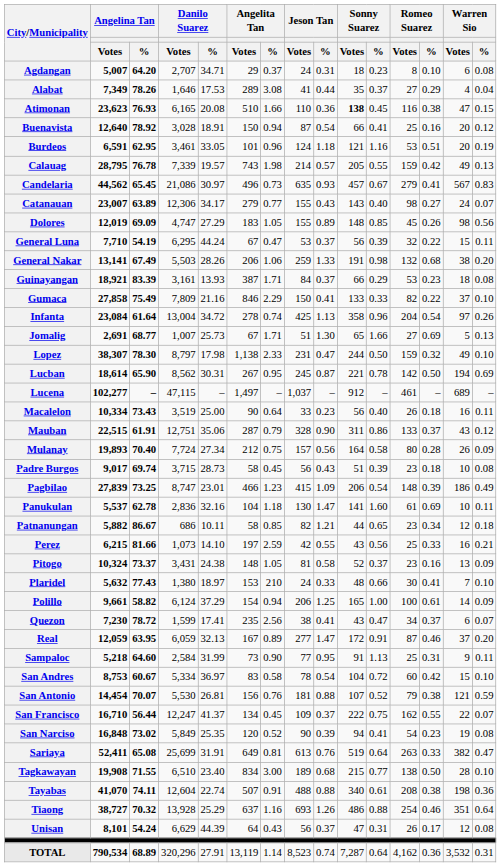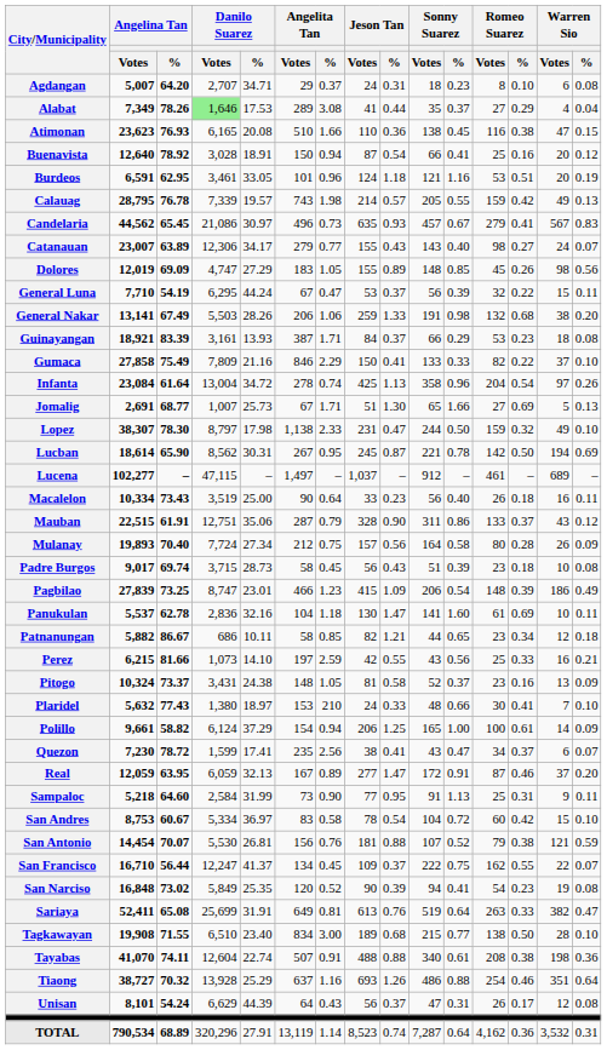 <table class="wikitable collapsible collapsed" style="text-align:right; font-size:95%; line-height:20px;">
 <tr>
 <th rowspan="3" width="200"><a href='#'>City</a>/<a href='#'>Municipality</a></th>
 <th colspan="2" width="110"><a href='#'>Angelina Tan</a></th>
 <th colspan="2" width="110"><a href='#'>Danilo Suarez</a></th>
 <th colspan="2" width="110">Angelita Tan</th>
 <th colspan="2" width="110">Jeson Tan</th>
 <th colspan="2" width="110">Sonny Suarez</th>
 <th colspan="2" width="110">Romeo Suarez</th>
 <th colspan="2" width="110">Warren Sio</th>
 </tr>
 <tr>
 <th colspan="2" style="background:"></th>
 <th colspan="2" style="background:"></th>
 <th colspan="2" style="background:"></th>
 <th colspan="2" style="background:"></th>
 <th colspan="2" style="background:"></th>
 <th colspan="2" style="background:"></th>
 <th colspan="2" style="background:"></th>
 </tr>
 <tr>
 <th>Votes</th>
 <th>%</th>
 <th>Votes</th>
 <th>%</th>
 <th>Votes</th>
 <th>%</th>
 <th>Votes</th>
 <th>%</th>
 <th>Votes</th>
 <th>%</th>
 <th>Votes</th>
 <th>%</th>
 <th>Votes</th>
 <th>%</th>
 </tr>
 <tr>
 <th scope="row"><a href='#'>Agdangan</a></th>
 <td style="background:"><strong>5,007</strong></td>
 <td style="background:"><strong>64.20</strong></td>
 <td>2,707</td>
 <td>34.71</td>
 <td>29</td>
 <td>0.37</td>
 <td>24</td>
 <td>0.31</td>
 <td>18</td>
 <td>0.23</td>
 <td>8</td>
 <td>0.10</td>
 <td>6</td>
 <td>0.08</td>
 </tr>
 <tr>
 <th scope="row"><a href='#'>Alabat</a></th>
 <td style="background:"><strong>7,349</strong></td>
 <td style="background:"><strong>78.26</strong></td>
-<td>1,646</td>
+<td style="background: lightgreen;">1,646</td>
 <td>17.53</td>
 <td>289</td>
 <td>3.08</td>
 <td>41</td>
 <td>0.44</td>
 <td>35</td>
 <td>0.37</td>
 <td>27</td>
 <td>0.29</td>
 <td>4</td>
 <td>0.04</td>
 </tr>
 <tr>
 <th scope="row"><a href='#'>Atimonan</a></th>
 <td style="background:"><strong>23,623</strong></td>
 <td style="background:"><strong>76.93</strong></td>
 <td>6,165</td>
 <td>20.08</td>
 <td>510</td>
 <td>1.66</td>
 <td>110</td>
 <td>0.36</td>
-<td><strong>138</strong></td>
+<td>138</td>
 <td>0.45</td>
 <td>116</td>
 <td>0.38</td>
 <td>47</td>
 <td>0.15</td>
 </tr>
 <tr>
 <th scope="row"><a href='#'>Buenavista</a></th>
 <td style="background:"><strong>12,640</strong></td>
 <td style="background:"><strong>78.92</strong></td>
 <td>3,028</td>
 <td>18.91</td>
 <td>150</td>
 <td>0.94</td>
 <td>87</td>
 <td>0.54</td>
 <td>66</td>
 <td>0.41</td>
 <td>25</td>
 <td>0.16</td>
 <td>20</td>
 <td>0.12</td>
 </tr>
 <tr>
 <th scope="row"><a href='#'>Burdeos</a></th>
 <td style="background:"><strong>6,591</strong></td>
 <td style="background:"><strong>62.95</strong></td>
 <td>3,461</td>
 <td>33.05</td>
 <td>101</td>
 <td>0.96</td>
 <td>124</td>
 <td>1.18</td>
 <td>121</td>
 <td>1.16</td>
 <td>53</td>
 <td>0.51</td>
 <td>20</td>
 <td>0.19</td>
 </tr>
 <tr>
 <th scope="row"><a href='#'>Calauag</a></th>
 <td style="background:"><strong>28,795</strong></td>
 <td style="background:"><strong>76.78</strong></td>
 <td>7,339</td>
 <td>19.57</td>
 <td>743</td>
 <td>1.98</td>
 <td>214</td>
 <td>0.57</td>
 <td>205</td>
 <td>0.55</td>
 <td>159</td>
 <td>0.42</td>
 <td>49</td>
 <td>0.13</td>
 </tr>
 <tr>
 <th scope="row"><a href='#'>Candelaria</a></th>
 <td style="background:"><strong>44,562</strong></td>
 <td style="background:"><strong>65.45</strong></td>
 <td>21,086</td>
 <td>30.97</td>
 <td>496</td>
 <td>0.73</td>
 <td>635</td>
 <td>0.93</td>
 <td>457</td>
 <td>0.67</td>
 <td>279</td>
 <td>0.41</td>
 <td>567</td>
 <td>0.83</td>
 </tr>
 <tr>
 <th scope="row"><a href='#'>Catanauan</a></th>
 <td style="background:"><strong>23,007</strong></td>
 <td style="background:"><strong>63.89</strong></td>
 <td>12,306</td>
 <td>34.17</td>
 <td>279</td>
 <td>0.77</td>
 <td>155</td>
 <td>0.43</td>
 <td>143</td>
 <td>0.40</td>
 <td>98</td>
 <td>0.27</td>
 <td>24</td>
 <td>0.07</td>
 </tr>
 <tr>
 <th scope="row"><a href='#'>Dolores</a></th>
 <td style="background:"><strong>12,019</strong></td>
 <td style="background:"><strong>69.09</strong></td>
 <td>4,747</td>
 <td>27.29</td>
 <td>183</td>
 <td>1.05</td>
 <td>155</td>
 <td>0.89</td>
 <td>148</td>
 <td>0.85</td>
 <td>45</td>
 <td>0.26</td>
 <td>98</td>
 <td>0.56</td>
 </tr>
 <tr>
 <th scope="row"><a href='#'>General Luna</a></th>
 <td style="background:"><strong>7,710</strong></td>
 <td style="background:"><strong>54.19</strong></td>
 <td>6,295</td>
 <td>44.24</td>
 <td>67</td>
 <td>0.47</td>
 <td>53</td>
 <td>0.37</td>
 <td>56</td>
 <td>0.39</td>
 <td>32</td>
 <td>0.22</td>
 <td>15</td>
 <td>0.11</td>
 </tr>
 <tr>
 <th scope="row"><a href='#'>General Nakar</a></th>
 <td style="background:"><strong>13,141</strong></td>
 <td style="background:"><strong>67.49</strong></td>
 <td>5,503</td>
 <td>28.26</td>
 <td>206</td>
 <td>1.06</td>
 <td>259</td>
 <td>1.33</td>
 <td>191</td>
 <td>0.98</td>
 <td>132</td>
 <td>0.68</td>
 <td>38</td>
 <td>0.20</td>
 </tr>
 <tr>
 <th scope="row"><a href='#'>Guinayangan</a></th>
 <td style="background:"><strong>18,921</strong></td>
 <td style="background:"><strong>83.39</strong></td>
 <td>3,161</td>
 <td>13.93</td>
 <td>387</td>
 <td>1.71</td>
 <td>84</td>
 <td>0.37</td>
 <td>66</td>
 <td>0.29</td>
 <td>53</td>
 <td>0.23</td>
 <td>18</td>
 <td>0.08</td>
 </tr>
 <tr>
 <th scope="row"><a href='#'>Gumaca</a></th>
 <td style="background:"><strong>27,858</strong></td>
 <td style="background:"><strong>75.49</strong></td>
 <td>7,809</td>
 <td>21.16</td>
 <td>846</td>
 <td>2.29</td>
 <td>150</td>
 <td>0.41</td>
 <td>133</td>
 <td>0.33</td>
 <td>82</td>
 <td>0.22</td>
 <td>37</td>
 <td>0.10</td>
 </tr>
 <tr>
 <th scope="row"><a href='#'>Infanta</a></th>
 <td style="background:"><strong>23,084</strong></td>
 <td style="background:"><strong>61.64</strong></td>
 <td>13,004</td>
 <td>34.72</td>
 <td>278</td>
 <td>0.74</td>
 <td>425</td>
 <td>1.13</td>
 <td>358</td>
 <td>0.96</td>
 <td>204</td>
 <td>0.54</td>
 <td>97</td>
 <td>0.26</td>
 </tr>
 <tr>
 <th scope="row"><a href='#'>Jomalig</a></th>
 <td style="background:"><strong>2,691</strong></td>
 <td style="background:"><strong>68.77</strong></td>
 <td>1,007</td>
 <td>25.73</td>
 <td>67</td>
 <td>1.71</td>
 <td>51</td>
 <td>1.30</td>
 <td>65</td>
 <td>1.66</td>
 <td>27</td>
 <td>0.69</td>
 <td>5</td>
 <td>0.13</td>
 </tr>
 <tr>
 <th scope="row"><a href='#'>Lopez</a></th>
 <td style="background:"><strong>38,307</strong></td>
 <td style="background:"><strong>78.30</strong></td>
 <td>8,797</td>
 <td>17.98</td>
 <td>1,138</td>
 <td>2.33</td>
 <td>231</td>
 <td>0.47</td>
 <td>244</td>
 <td>0.50</td>
 <td>159</td>
 <td>0.32</td>
 <td>49</td>
 <td>0.10</td>
 </tr>
 <tr>
 <th scope="row"><a href='#'>Lucban</a></th>
 <td style="background:"><strong>18,614</strong></td>
 <td style="background:"><strong>65.90</strong></td>
 <td>8,562</td>
 <td>30.31</td>
 <td>267</td>
 <td>0.95</td>
 <td>245</td>
 <td>0.87</td>
 <td>221</td>
 <td>0.78</td>
 <td>142</td>
 <td>0.50</td>
 <td>194</td>
 <td>0.69</td>
 </tr>
 <tr>
 <th scope="row"><a href='#'>Lucena</a></th>
 <td style="background:"><strong>102,277</strong></td>
 <td style="background:"><strong>–</strong></td>
 <td>47,115</td>
 <td>–</td>
 <td>1,497</td>
 <td>–</td>
 <td>1,037</td>
 <td>–</td>
 <td>912</td>
 <td>–</td>
 <td>461</td>
 <td>–</td>
 <td>689</td>
 <td>–</td>
 </tr>
 <tr>
 <th scope="row"><a href='#'>Macalelon</a></th>
 <td style="background:"><strong>10,334</strong></td>
 <td style="background:"><strong>73.43</strong></td>
 <td>3,519</td>
 <td>25.00</td>
 <td>90</td>
 <td>0.64</td>
 <td>33</td>
 <td>0.23</td>
 <td>56</td>
 <td>0.40</td>
 <td>26</td>
 <td>0.18</td>
 <td>16</td>
 <td>0.11</td>
 </tr>
 <tr>
 <th scope="row"><a href='#'>Mauban</a></th>
 <td style="background:"><strong>22,515</strong></td>
 <td style="background:"><strong>61.91</strong></td>
 <td>12,751</td>
 <td>35.06</td>
 <td>287</td>
 <td>0.79</td>
 <td>328</td>
 <td>0.90</td>
 <td>311</td>
 <td>0.86</td>
 <td>133</td>
 <td>0.37</td>
 <td>43</td>
 <td>0.12</td>
 </tr>
 <tr>
 <th scope="row"><a href='#'>Mulanay</a></th>
 <td style="background:"><strong>19,893</strong></td>
 <td style="background:"><strong>70.40</strong></td>
 <td>7,724</td>
 <td>27.34</td>
 <td>212</td>
 <td>0.75</td>
 <td>157</td>
 <td>0.56</td>
 <td>164</td>
 <td>0.58</td>
 <td>80</td>
 <td>0.28</td>
 <td>26</td>
 <td>0.09</td>
 </tr>
 <tr>
 <th scope="row"><a href='#'>Padre Burgos</a></th>
 <td style="background:"><strong>9,017</strong></td>
 <td style="background:"><strong>69.74</strong></td>
 <td>3,715</td>
 <td>28.73</td>
 <td>58</td>
 <td>0.45</td>
 <td>56</td>
 <td>0.43</td>
 <td>51</td>
 <td>0.39</td>
 <td>23</td>
 <td>0.18</td>
 <td>10</td>
 <td>0.08</td>
 </tr>
 <tr>
 <th scope="row"><a href='#'>Pagbilao</a></th>
 <td style="background:"><strong>27,839</strong></td>
 <td style="background:"><strong>73.25</strong></td>
 <td>8,747</td>
 <td>23.01</td>
 <td>466</td>
 <td>1.23</td>
 <td>415</td>
 <td>1.09</td>
 <td>206</td>
 <td>0.54</td>
 <td>148</td>
 <td>0.39</td>
 <td>186</td>
 <td>0.49</td>
 </tr>
 <tr>
 <th scope="row"><a href='#'>Panukulan</a></th>
 <td style="background:"><strong>5,537</strong></td>
 <td style="background:"><strong>62.78</strong></td>
 <td>2,836</td>
 <td>32.16</td>
 <td>104</td>
 <td>1.18</td>
 <td>130</td>
 <td>1.47</td>
 <td>141</td>
 <td>1.60</td>
 <td>61</td>
 <td>0.69</td>
 <td>10</td>
 <td>0.11</td>
 </tr>
 <tr>
 <th scope="row"><a href='#'>Patnanungan</a></th>
 <td style="background:"><strong>5,882</strong></td>
 <td style="background:"><strong>86.67</strong></td>
 <td>686</td>
 <td>10.11</td>
 <td>58</td>
 <td>0.85</td>
 <td>82</td>
 <td>1.21</td>
 <td>44</td>
 <td>0.65</td>
 <td>23</td>
 <td>0.34</td>
 <td>12</td>
 <td>0.18</td>
 </tr>
 <tr>
 <th scope="row"><a href='#'>Perez</a></th>
 <td style="background:"><strong>6,215</strong></td>
 <td style="background:"><strong>81.66</strong></td>
 <td>1,073</td>
 <td>14.10</td>
 <td>197</td>
 <td>2.59</td>
 <td>42</td>
 <td>0.55</td>
 <td>43</td>
 <td>0.56</td>
 <td>25</td>
 <td>0.33</td>
 <td>16</td>
 <td>0.21</td>
 </tr>
 <tr>
 <th scope="row"><a href='#'>Pitogo</a></th>
 <td style="background:"><strong>10,324</strong></td>
 <td style="background:"><strong>73.37</strong></td>
 <td>3,431</td>
 <td>24.38</td>
 <td>148</td>
 <td>1.05</td>
 <td>81</td>
 <td>0.58</td>
 <td>52</td>
 <td>0.37</td>
 <td>23</td>
 <td>0.16</td>
 <td>13</td>
 <td>0.09</td>
 </tr>
 <tr>
 <th scope="row"><a href='#'>Plaridel</a></th>
 <td style="background:"><strong>5,632</strong></td>
 <td style="background:"><strong>77.43</strong></td>
 <td>1,380</td>
 <td>18.97</td>
 <td>153</td>
 <td>210</td>
 <td>24</td>
 <td>0.33</td>
 <td>48</td>
 <td>0.66</td>
 <td>30</td>
 <td>0.41</td>
 <td>7</td>
 <td>0.10</td>
 </tr>
 <tr>
 <th scope="row"><a href='#'>Polillo</a></th>
 <td style="background:"><strong>9,661</strong></td>
 <td style="background:"><strong>58.82</strong></td>
 <td>6,124</td>
 <td>37.29</td>
 <td>154</td>
 <td>0.94</td>
 <td>206</td>
 <td>1.25</td>
 <td>165</td>
 <td>1.00</td>
 <td>100</td>
 <td>0.61</td>
 <td>14</td>
 <td>0.09</td>
 </tr>
 <tr>
 <th scope="row"><a href='#'>Quezon</a></th>
 <td style="background:"><strong>7,230</strong></td>
 <td style="background:"><strong>78.72</strong></td>
 <td>1,599</td>
 <td>17.41</td>
 <td>235</td>
 <td>2.56</td>
 <td>38</td>
 <td>0.41</td>
 <td>43</td>
 <td>0.47</td>
 <td>34</td>
 <td>0.37</td>
 <td>6</td>
 <td>0.07</td>
 </tr>
 <tr>
 <th scope="row"><a href='#'>Real</a></th>
 <td style="background:"><strong>12,059</strong></td>
 <td style="background:"><strong>63.95</strong></td>
 <td>6,059</td>
 <td>32.13</td>
 <td>167</td>
 <td>0.89</td>
 <td>277</td>
 <td>1.47</td>
 <td>172</td>
 <td>0.91</td>
 <td>87</td>
 <td>0.46</td>
 <td>37</td>
 <td>0.20</td>
 </tr>
 <tr>
 <th scope="row"><a href='#'>Sampaloc</a></th>
 <td style="background:"><strong>5,218</strong></td>
 <td style="background:"><strong>64.60</strong></td>
 <td>2,584</td>
 <td>31.99</td>
 <td>73</td>
 <td>0.90</td>
 <td>77</td>
 <td>0.95</td>
 <td>91</td>
 <td>1.13</td>
 <td>25</td>
 <td>0.31</td>
 <td>9</td>
 <td>0.11</td>
 </tr>
 <tr>
 <th scope="row"><a href='#'>San Andres</a></th>
 <td style="background:"><strong>8,753</strong></td>
 <td style="background:"><strong>60.67</strong></td>
 <td>5,334</td>
 <td>36.97</td>
 <td>83</td>
 <td>0.58</td>
 <td>78</td>
 <td>0.54</td>
 <td>104</td>
 <td>0.72</td>
 <td>60</td>
 <td>0.42</td>
 <td>15</td>
 <td>0.10</td>
 </tr>
 <tr>
 <th scope="row"><a href='#'>San Antonio</a></th>
 <td style="background:"><strong>14,454</strong></td>
 <td style="background:"><strong>70.07</strong></td>
 <td>5,530</td>
 <td>26.81</td>
 <td>156</td>
 <td>0.76</td>
 <td>181</td>
 <td>0.88</td>
 <td>107</td>
 <td>0.52</td>
 <td>79</td>
 <td>0.38</td>
 <td>121</td>
 <td>0.59</td>
 </tr>
 <tr>
 <th scope="row"><a href='#'>San Francisco</a></th>
 <td style="background:"><strong>16,710</strong></td>
 <td style="background:"><strong>56.44</strong></td>
 <td>12,247</td>
 <td>41.37</td>
 <td>134</td>
 <td>0.45</td>
 <td>109</td>
 <td>0.37</td>
 <td>222</td>
 <td>0.75</td>
 <td>162</td>
 <td>0.55</td>
 <td>22</td>
 <td>0.07</td>
 </tr>
 <tr>
 <th scope="row"><a href='#'>San Narciso</a></th>
 <td style="background:"><strong>16,848</strong></td>
 <td style="background:"><strong>73.02</strong></td>
 <td>5,849</td>
 <td>25.35</td>
 <td>120</td>
 <td>0.52</td>
 <td>90</td>
 <td>0.39</td>
 <td>94</td>
 <td>0.41</td>
 <td>54</td>
 <td>0.23</td>
 <td>19</td>
 <td>0.08</td>
 </tr>
 <tr>
 <th scope="row"><a href='#'>Sariaya</a></th>
 <td style="background:"><strong>52,411</strong></td>
 <td style="background:"><strong>65.08</strong></td>
 <td>25,699</td>
 <td>31.91</td>
 <td>649</td>
 <td>0.81</td>
 <td>613</td>
 <td>0.76</td>
 <td>519</td>
 <td>0.64</td>
 <td>263</td>
 <td>0.33</td>
 <td>382</td>
 <td>0.47</td>
 </tr>
 <tr>
 <th scope="row"><a href='#'>Tagkawayan</a></th>
 <td style="background:"><strong>19,908</strong></td>
 <td style="background:"><strong>71.55</strong></td>
 <td>6,510</td>
 <td>23.40</td>
 <td>834</td>
 <td>3.00</td>
 <td>189</td>
 <td>0.68</td>
 <td>215</td>
 <td>0.77</td>
 <td>138</td>
 <td>0.50</td>
 <td>28</td>
 <td>0.10</td>
 </tr>
 <tr>
 <th scope="row"><a href='#'>Tayabas</a></th>
 <td style="background:"><strong>41,070</strong></td>
 <td style="background:"><strong>74.11</strong></td>
 <td>12,604</td>
 <td>22.74</td>
 <td>507</td>
 <td>0.91</td>
 <td>488</td>
 <td>0.88</td>
 <td>340</td>
 <td>0.61</td>
 <td>208</td>
 <td>0.38</td>
 <td>198</td>
 <td>0.36</td>
 </tr>
 <tr>
 <th scope="row"><a href='#'>Tiaong</a></th>
 <td style="background:"><strong>38,727</strong></td>
 <td style="background:"><strong>70.32</strong></td>
 <td>13,928</td>
 <td>25.29</td>
 <td>637</td>
 <td>1.16</td>
 <td>693</td>
 <td>1.26</td>
 <td>486</td>
 <td>0.88</td>
 <td>254</td>
 <td>0.46</td>
 <td>351</td>
 <td>0.64</td>
 </tr>
 <tr>
 <th scope="row"><a href='#'>Unisan</a></th>
 <td style="background:"><strong>8,101</strong></td>
 <td style="background:"><strong>54.24</strong></td>
 <td>6,629</td>
 <td>44.39</td>
 <td>64</td>
 <td>0.43</td>
 <td>56</td>
 <td>0.37</td>
 <td>47</td>
 <td>0.31</td>
 <td>26</td>
 <td>0.17</td>
 <td>12</td>
 <td>0.08</td>
 </tr>
 <tr>
 <td colspan=15 bgcolor=black></td>
 </tr>
 <tr>
 <td style="background:#E9E9E9;" align="center"><strong>TOTAL</strong></td>
 <td style="background:"><strong>790,534</strong></td>
 <td style="background:"><strong>68.89</strong></td>
 <td>320,296</td>
 <td>27.91</td>
 <td>13,119</td>
 <td>1.14</td>
 <td>8,523</td>
 <td>0.74</td>
 <td>7,287</td>
 <td>0.64</td>
 <td>4,162</td>
 <td>0.36</td>
 <td>3,532</td>
 <td>0.31</td>
 </tr>
 </table>
